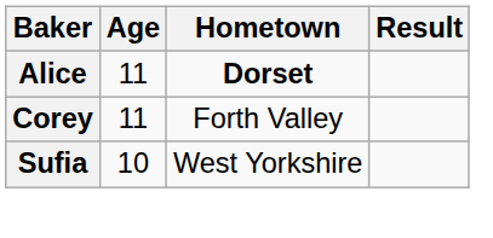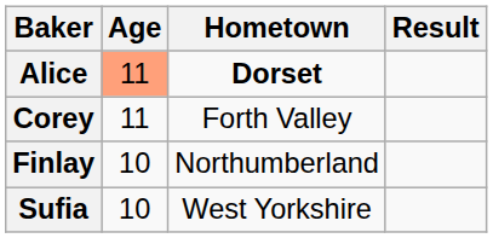 <table class="wikitable sortable" style="display:inline-table; text-align:center">
 <tr>
 <th scope="col">Baker</th>
 <th scope="col">Age</th>
 <th scope="col">Hometown</th>
 <th scope="col">Result</th>
 </tr>
 <tr>
 <th scope="row">Alice</th>
-<td>11</td>
+<td style="background: lightsalmon;">11</td>
 <td><strong>Dorset</strong></td>
 <td></td>
 </tr>
 <tr>
 <th scope="row">Corey</th>
 <td>11</td>
 <td>Forth Valley</td>
 <td></td>
 </tr>
 <tr>
+<th scope="row">Finlay</th>
+<td>10</td>
+<td>Northumberland</td>
+<td></td>
+</tr>
+<tr>
 <th scope="row">Sufia</th>
 <td>10</td>
 <td>West Yorkshire</td>
 <td></td>
 </tr>
 </table>
